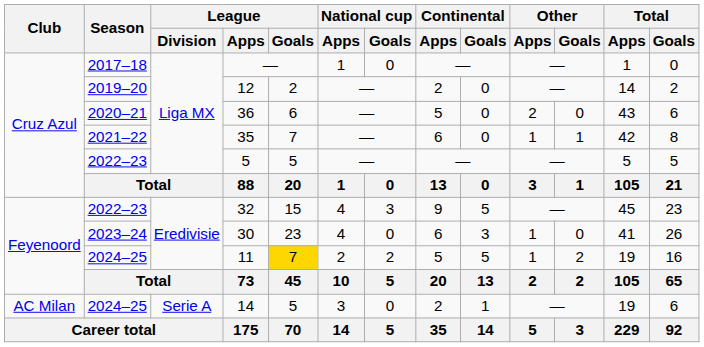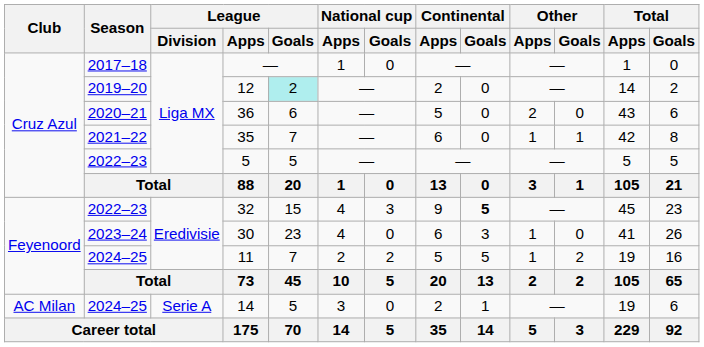 <table class="wikitable" style="text-align: center">
 <tr>
 <th rowspan="2">Club</th>
 <th rowspan="2">Season</th>
 <th colspan="3">League</th>
 <th colspan="2">National cup</th>
 <th colspan="2">Continental</th>
 <th colspan="2">Other</th>
 <th colspan="2">Total</th>
 </tr>
 <tr>
 <th>Division</th>
 <th>Apps</th>
 <th>Goals</th>
 <th>Apps</th>
 <th>Goals</th>
 <th>Apps</th>
 <th>Goals</th>
 <th>Apps</th>
 <th>Goals</th>
 <th>Apps</th>
 <th>Goals</th>
 </tr>
 <tr>
 <td rowspan="6"><a href='#'>Cruz Azul</a></td>
 <td><a href='#'>2017–18</a></td>
 <td rowspan="5"><a href='#'>Liga MX</a></td>
 <td colspan="2">—</td>
 <td>1</td>
 <td>0</td>
 <td colspan="2">—</td>
 <td colspan="2">—</td>
 <td>1</td>
 <td>0</td>
 </tr>
 <tr>
 <td><a href='#'>2019–20</a></td>
 <td>12</td>
-<td>2</td>
+<td style="background: paleturquoise;">2</td>
 <td colspan="2">—</td>
 <td>2</td>
 <td>0</td>
 <td colspan="2">—</td>
 <td>14</td>
 <td>2</td>
 </tr>
 <tr>
 <td><a href='#'>2020–21</a></td>
 <td>36</td>
 <td>6</td>
 <td colspan="2">—</td>
 <td>5</td>
 <td>0</td>
 <td>2</td>
 <td>0</td>
 <td>43</td>
 <td>6</td>
 </tr>
 <tr>
 <td><a href='#'>2021–22</a></td>
 <td>35</td>
 <td>7</td>
 <td colspan=2>—</td>
 <td>6</td>
 <td>0</td>
 <td>1</td>
 <td>1</td>
 <td>42</td>
 <td>8</td>
 </tr>
 <tr>
 <td><a href='#'>2022–23</a></td>
 <td>5</td>
 <td>5</td>
 <td colspan=2>—</td>
 <td colspan="2">—</td>
 <td colspan="2">—</td>
 <td>5</td>
 <td>5</td>
 </tr>
 <tr>
 <th colspan="2">Total</th>
 <th>88</th>
 <th>20</th>
 <th>1</th>
 <th>0</th>
 <th>13</th>
 <th>0</th>
 <th>3</th>
 <th>1</th>
 <th>105</th>
 <th>21</th>
 </tr>
 <tr>
 <td rowspan="4"><a href='#'>Feyenoord</a></td>
 <td><a href='#'>2022–23</a></td>
 <td rowspan="3"><a href='#'>Eredivisie</a></td>
 <td>32</td>
 <td>15</td>
 <td>4</td>
 <td>3</td>
 <td>9</td>
-<td>5</td>
+<td><strong>5</strong></td>
 <td colspan=2>—</td>
 <td>45</td>
 <td>23</td>
 </tr>
 <tr>
 <td><a href='#'>2023–24</a></td>
 <td>30</td>
 <td>23</td>
 <td>4</td>
 <td>0</td>
 <td>6</td>
 <td>3</td>
 <td>1</td>
 <td>0</td>
 <td>41</td>
 <td>26</td>
 </tr>
 <tr>
 <td><a href='#'>2024–25</a></td>
 <td>11</td>
-<td style="background: gold;">7</td>
+<td>7</td>
 <td>2</td>
 <td>2</td>
 <td>5</td>
 <td>5</td>
 <td>1</td>
 <td>2</td>
 <td>19</td>
 <td>16</td>
 </tr>
 <tr>
 <th colspan="2">Total</th>
 <th>73</th>
 <th>45</th>
 <th>10</th>
 <th>5</th>
 <th>20</th>
 <th>13</th>
 <th>2</th>
 <th>2</th>
 <th>105</th>
 <th>65</th>
 </tr>
 <tr>
 <td><a href='#'>AC Milan</a></td>
 <td><a href='#'>2024–25</a></td>
 <td><a href='#'>Serie A</a></td>
 <td>14</td>
 <td>5</td>
 <td>3</td>
 <td>0</td>
 <td>2</td>
 <td>1</td>
 <td colspan=2>—</td>
 <td>19</td>
 <td>6</td>
 </tr>
 <tr>
 <th colspan="3">Career total</th>
 <th>175</th>
 <th>70</th>
 <th>14</th>
 <th>5</th>
 <th>35</th>
 <th>14</th>
 <th>5</th>
 <th>3</th>
 <th>229</th>
 <th>92</th>
 </tr>
 </table>
